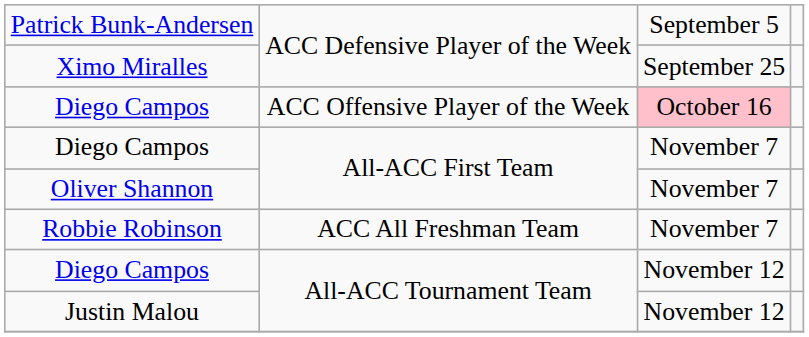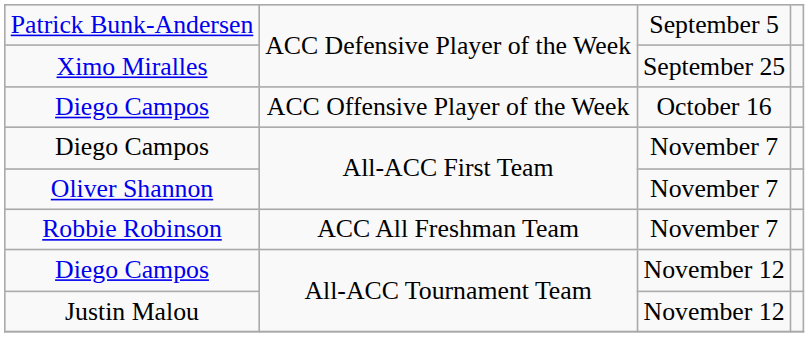 <table class="wikitable sortable" style="text-align: center">
 <tr>
 <td><a href='#'>Patrick Bunk-Andersen</a></td>
 <td rowspan="2">ACC Defensive Player of the Week</td>
 <td>September 5</td>
 <td></td>
 </tr>
 <tr>
 <td><a href='#'>Ximo Miralles</a></td>
 <td>September 25</td>
 <td></td>
 </tr>
 <tr>
 <td><a href='#'>Diego Campos</a></td>
 <td>ACC Offensive Player of the Week</td>
-<td style="background: pink;">October 16</td>
+<td>October 16</td>
 <td></td>
 </tr>
 <tr>
 <td>Diego Campos</td>
 <td rowspan="2">All-ACC First Team</td>
 <td>November 7</td>
 <td></td>
 </tr>
 <tr>
 <td><a href='#'>Oliver Shannon</a></td>
 <td>November 7</td>
 <td></td>
 </tr>
 <tr>
 <td><a href='#'>Robbie Robinson</a></td>
 <td>ACC All Freshman Team</td>
 <td>November 7</td>
 <td></td>
 </tr>
 <tr>
 <td><a href='#'>Diego Campos</a></td>
 <td rowspan="2">All-ACC Tournament Team</td>
 <td>November 12</td>
 <td></td>
 </tr>
 <tr>
 <td>Justin Malou</td>
 <td>November 12</td>
 <td></td>
 </tr>
 <tr>
 </tr>
 </table>
